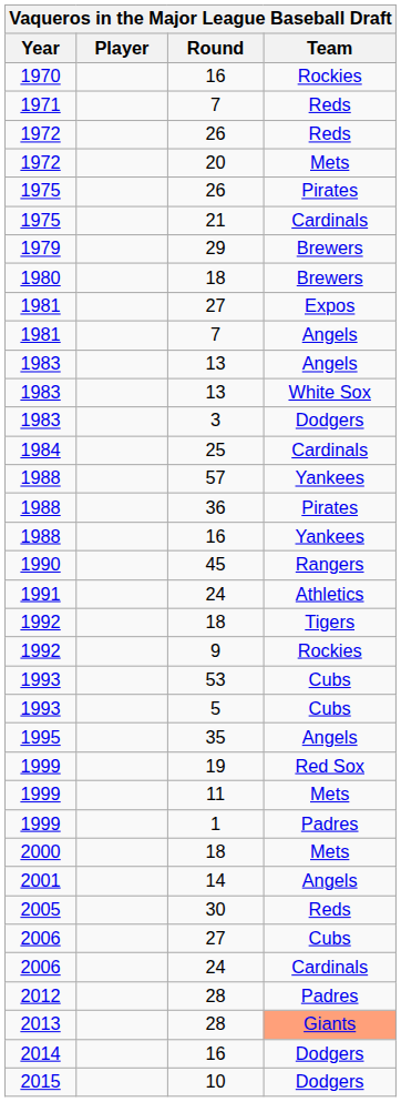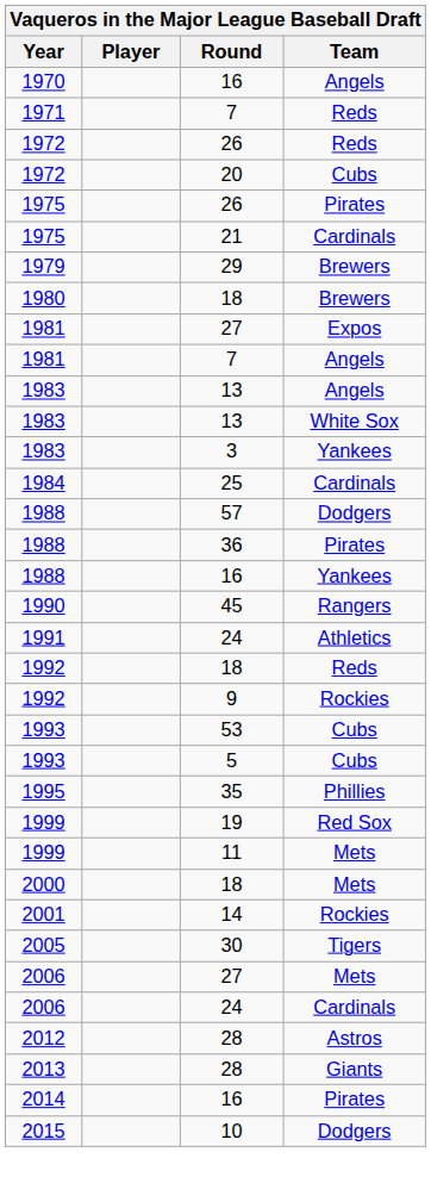 <table class="wikitable sortable collapsible" style="text-align:center">
 <tr>
 <th colspan=4>Vaqueros in the Major League Baseball Draft</th>
 </tr>
 <tr>
 <th>Year</th>
 <th>Player</th>
 <th>Round</th>
 <th>Team</th>
 </tr>
 <tr>
 <td><a href='#'>1970</a></td>
 <td></td>
 <td>16</td>
-<td><a href='#'>Rockies</a></td>
+<td><a href='#'>Angels</a></td>
 </tr>
 <tr>
 <td><a href='#'>1971</a></td>
 <td></td>
 <td>7</td>
 <td><a href='#'>Reds</a></td>
 </tr>
 <tr>
 <td><a href='#'>1972</a></td>
 <td></td>
 <td>26</td>
 <td><a href='#'>Reds</a></td>
 </tr>
 <tr>
 <td><a href='#'>1972</a></td>
 <td></td>
 <td>20</td>
-<td><a href='#'>Mets</a></td>
+<td><a href='#'>Cubs</a></td>
 </tr>
 <tr>
 <td><a href='#'>1975</a></td>
 <td></td>
 <td>26</td>
 <td><a href='#'>Pirates</a></td>
 </tr>
 <tr>
 <td><a href='#'>1975</a></td>
 <td></td>
 <td>21</td>
 <td><a href='#'>Cardinals</a></td>
 </tr>
 <tr>
 <td><a href='#'>1979</a></td>
 <td></td>
 <td>29</td>
 <td><a href='#'>Brewers</a></td>
 </tr>
 <tr>
 <td><a href='#'>1980</a></td>
 <td></td>
 <td>18</td>
 <td><a href='#'>Brewers</a></td>
 </tr>
 <tr>
 <td><a href='#'>1981</a></td>
 <td></td>
 <td>27</td>
 <td><a href='#'>Expos</a></td>
 </tr>
 <tr>
 <td><a href='#'>1981</a></td>
 <td></td>
 <td>7</td>
 <td><a href='#'>Angels</a></td>
 </tr>
 <tr>
 <td><a href='#'>1983</a></td>
 <td></td>
 <td>13</td>
 <td><a href='#'>Angels</a></td>
 </tr>
 <tr>
 <td><a href='#'>1983</a></td>
 <td></td>
 <td>13</td>
 <td><a href='#'>White Sox</a></td>
 </tr>
 <tr>
 <td><a href='#'>1983</a></td>
 <td></td>
 <td>3</td>
-<td><a href='#'>Dodgers</a></td>
+<td><a href='#'>Yankees</a></td>
 </tr>
 <tr>
 <td><a href='#'>1984</a></td>
 <td></td>
 <td>25</td>
 <td><a href='#'>Cardinals</a></td>
 </tr>
 <tr>
 <td><a href='#'>1988</a></td>
 <td></td>
 <td>57</td>
-<td><a href='#'>Yankees</a></td>
+<td><a href='#'>Dodgers</a></td>
 </tr>
 <tr>
 <td><a href='#'>1988</a></td>
 <td></td>
 <td>36</td>
 <td><a href='#'>Pirates</a></td>
 </tr>
 <tr>
 <td><a href='#'>1988</a></td>
 <td></td>
 <td>16</td>
 <td><a href='#'>Yankees</a></td>
 </tr>
 <tr>
 <td><a href='#'>1990</a></td>
 <td></td>
 <td>45</td>
 <td><a href='#'>Rangers</a></td>
 </tr>
 <tr>
 <td><a href='#'>1991</a></td>
 <td></td>
 <td>24</td>
 <td><a href='#'>Athletics</a></td>
 </tr>
 <tr>
 <td><a href='#'>1992</a></td>
 <td></td>
 <td>18</td>
-<td><a href='#'>Tigers</a></td>
+<td><a href='#'>Reds</a></td>
 </tr>
 <tr>
 <td><a href='#'>1992</a></td>
 <td></td>
 <td>9</td>
 <td><a href='#'>Rockies</a></td>
 </tr>
 <tr>
 <td><a href='#'>1993</a></td>
 <td></td>
 <td>53</td>
 <td><a href='#'>Cubs</a></td>
 </tr>
 <tr>
 <td><a href='#'>1993</a></td>
 <td></td>
 <td>5</td>
 <td><a href='#'>Cubs</a></td>
 </tr>
 <tr>
 <td><a href='#'>1995</a></td>
 <td></td>
 <td>35</td>
-<td><a href='#'>Angels</a></td>
+<td><a href='#'>Phillies</a></td>
 </tr>
 <tr>
 <td><a href='#'>1999</a></td>
 <td></td>
 <td>19</td>
 <td><a href='#'>Red Sox</a></td>
 </tr>
 <tr>
 <td><a href='#'>1999</a></td>
 <td></td>
 <td>11</td>
 <td><a href='#'>Mets</a></td>
 </tr>
 <tr>
-<td><a href='#'>1999</a></td>
-<td></td>
-<td>1</td>
-<td><a href='#'>Padres</a></td>
-</tr>
-<tr>
 <td><a href='#'>2000</a></td>
 <td></td>
 <td>18</td>
 <td><a href='#'>Mets</a></td>
 </tr>
 <tr>
 <td><a href='#'>2001</a></td>
 <td></td>
 <td>14</td>
-<td><a href='#'>Angels</a></td>
+<td><a href='#'>Rockies</a></td>
 </tr>
 <tr>
 <td><a href='#'>2005</a></td>
 <td></td>
 <td>30</td>
-<td><a href='#'>Reds</a></td>
+<td><a href='#'>Tigers</a></td>
 </tr>
 <tr>
 <td><a href='#'>2006</a></td>
 <td></td>
 <td>27</td>
-<td><a href='#'>Cubs</a></td>
+<td><a href='#'>Mets</a></td>
 </tr>
 <tr>
 <td><a href='#'>2006</a></td>
 <td></td>
 <td>24</td>
 <td><a href='#'>Cardinals</a></td>
 </tr>
 <tr>
 <td><a href='#'>2012</a></td>
 <td></td>
 <td>28</td>
-<td><a href='#'>Padres</a></td>
+<td><a href='#'>Astros</a></td>
 </tr>
 <tr>
 <td><a href='#'>2013</a></td>
 <td></td>
 <td>28</td>
-<td style="background: lightsalmon;"><a href='#'>Giants</a></td>
+<td><a href='#'>Giants</a></td>
 </tr>
 <tr>
 <td><a href='#'>2014</a></td>
 <td></td>
 <td>16</td>
-<td><a href='#'>Dodgers</a></td>
+<td><a href='#'>Pirates</a></td>
 </tr>
 <tr>
 <td><a href='#'>2015</a></td>
 <td></td>
 <td>10</td>
 <td><a href='#'>Dodgers</a></td>
 </tr>
 </table>
